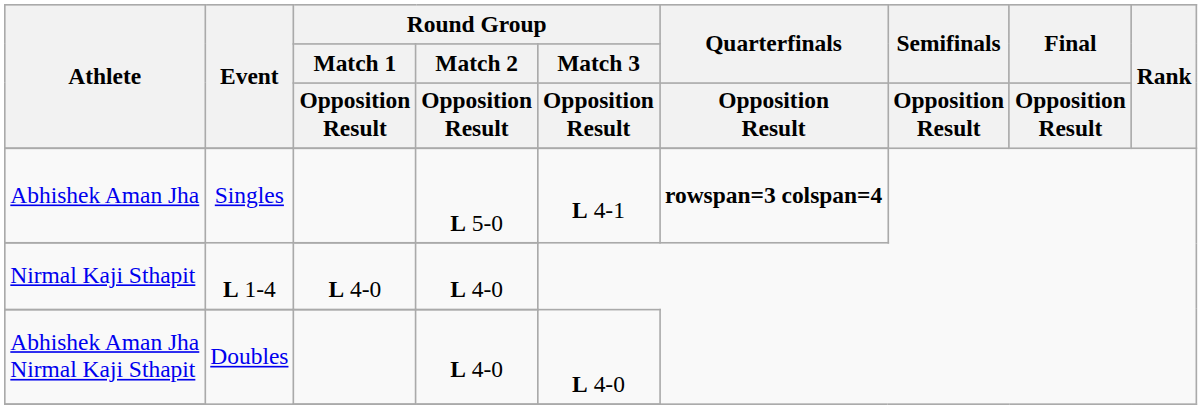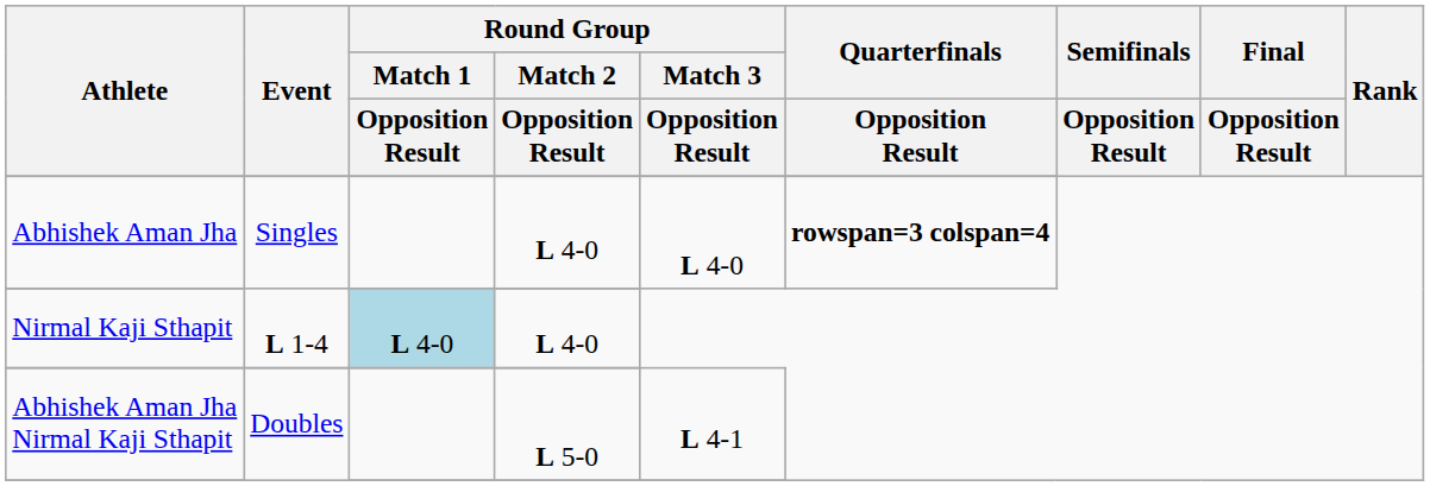 <table class="wikitable" border="1" style="font-size:90%">
 <tr>
 <th rowspan=3>Athlete</th>
 <th rowspan=3>Event</th>
 <th colspan=3>Round Group</th>
 <th rowspan=2>Quarterfinals</th>
 <th rowspan=2>Semifinals</th>
 <th rowspan=2>Final</th>
 <th rowspan=3>Rank</th>
 </tr>
 <tr>
 <th>Match 1</th>
 <th>Match 2</th>
 <th>Match 3</th>
 </tr>
 <tr>
 <th>Opposition<br>Result</th>
 <th>Opposition<br>Result</th>
 <th>Opposition<br>Result</th>
 <th>Opposition<br>Result</th>
 <th>Opposition<br>Result</th>
 <th>Opposition<br>Result</th>
 </tr>
 <tr>
 </tr>
 <tr align=center>
 <td align=left><a href='#'>Abhishek Aman Jha</a></td>
 <td rowspan=2><a href='#'>Singles</a></td>
 <td></td>
-<td align=center><br> <br> <strong>L</strong> 5-0</td>
-<td align=center> <br> <strong>L</strong> 4-1</td>
+<td align=center> <br> <strong>L</strong> 4-0</td>
+<td align=center><br> <br> <strong>L</strong> 4-0</td>
 <td><strong>rowspan=3 colspan=4 </strong></td>
 </tr>
 <tr>
 </tr>
 <tr align-center>
 <td align=left><a href='#'>Nirmal Kaji Sthapit</a></td>
 <td align=center> <br> <strong>L</strong> 1-4</td>
-<td align=center> <br> <strong>L</strong> 4-0</td>
+<td align=center style="background: lightblue;"> <br> <strong>L</strong> 4-0</td>
 <td align=center> <br> <strong>L</strong> 4-0</td>
 </tr>
 <tr>
 </tr>
 <tr align=center>
 <td align=left><a href='#'>Abhishek Aman Jha</a><br><a href='#'>Nirmal Kaji Sthapit</a></td>
 <td rowspan=2><a href='#'>Doubles</a></td>
 <td></td>
-<td align=center> <br> <strong>L</strong> 4-0</td>
-<td align=center><br> <br> <strong>L</strong> 4-0</td>
+<td align=center><br> <br> <strong>L</strong> 5-0</td>
+<td align=center> <br> <strong>L</strong> 4-1</td>
 </tr>
 <tr>
 </tr>
 </table>
